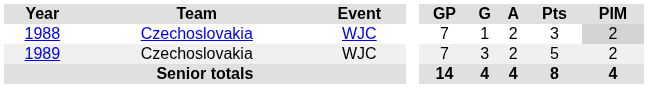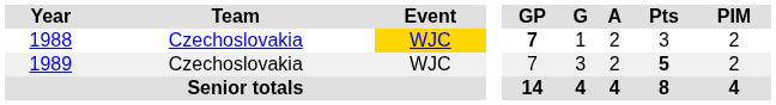 <table border="0" cellpadding="1" cellspacing="0" style="text-align:center; width:40em">
 <tr ALIGN="center" bgcolor="#e0e0e0">
 <th>Year</th>
 <th>Team</th>
 <th>Event</th>
 <th rowspan="99" bgcolor="#ffffff"> </th>
 <th>GP</th>
 <th>G</th>
 <th>A</th>
 <th>Pts</th>
 <th>PIM</th>
 </tr>
 <tr>
 <td><a href='#'>1988</a></td>
 <td><a href='#'>Czechoslovakia</a></td>
-<td><a href='#'>WJC</a></td>
-<td>7</td>
+<td style="background: gold;"><a href='#'>WJC</a></td>
+<td><strong>7</strong></td>
 <td>1</td>
 <td>2</td>
 <td>3</td>
-<td style="background: lightgrey;">2</td>
+<td>2</td>
 </tr>
 <tr bgcolor="#f0f0f0">
 <td><a href='#'>1989</a></td>
 <td>Czechoslovakia</td>
 <td>WJC</td>
 <td>7</td>
 <td>3</td>
 <td>2</td>
-<td>5</td>
+<td><strong>5</strong></td>
 <td>2</td>
 </tr>
 <tr bgcolor="#e0e0e0">
 <th colspan="3">Senior totals</th>
 <th>14</th>
 <th>4</th>
 <th>4</th>
 <th>8</th>
 <th>4</th>
 </tr>
 </table>
